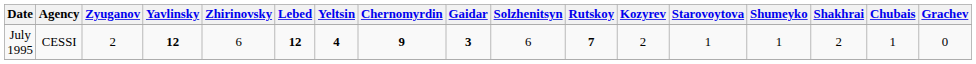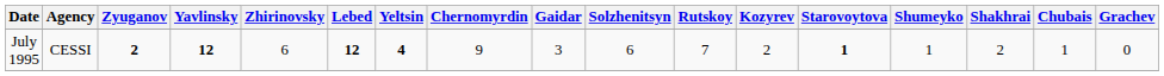 <table class=wikitable style=text-align:center>
 <tr>
 <th>Date</th>
 <th>Agency</th>
 <th><a href='#'>Zyuganov</a></th>
 <th><a href='#'>Yavlinsky</a></th>
 <th><a href='#'>Zhirinovsky</a></th>
 <th><a href='#'>Lebed</a></th>
 <th><a href='#'>Yeltsin</a></th>
 <th><a href='#'>Chernomyrdin</a></th>
 <th><a href='#'>Gaidar</a></th>
 <th><a href='#'>Solzhenitsyn</a></th>
 <th><a href='#'>Rutskoy</a></th>
 <th><a href='#'>Kozyrev</a></th>
 <th><a href='#'>Starovoytova</a></th>
 <th><a href='#'>Shumeyko</a></th>
 <th><a href='#'>Shakhrai</a></th>
 <th><a href='#'>Chubais</a></th>
 <th><a href='#'>Grachev</a></th>
 </tr>
 <tr>
 </tr>
 <tr>
 <td>July 1995</td>
 <td>CESSI</td>
-<td>2</td>
+<td><strong>2</strong></td>
 <td><strong>12</strong></td>
 <td>6</td>
 <td><strong>12</strong></td>
 <td><strong>4</strong></td>
-<td><strong>9</strong></td>
-<td><strong>3</strong></td>
+<td>9</td>
+<td>3</td>
 <td>6</td>
-<td><strong>7</strong></td>
+<td>7</td>
 <td>2</td>
-<td>1</td>
+<td><strong>1</strong></td>
 <td>1</td>
 <td>2</td>
 <td>1</td>
 <td>0</td>
 </tr>
 <tr>
 </tr>
 </table>
